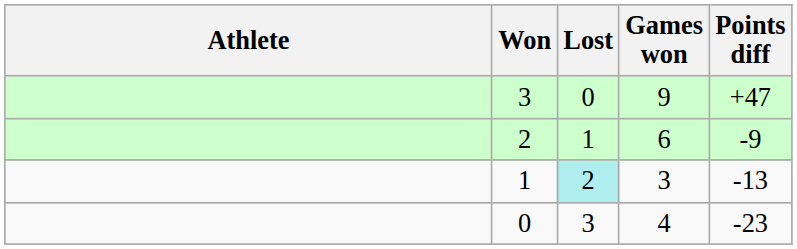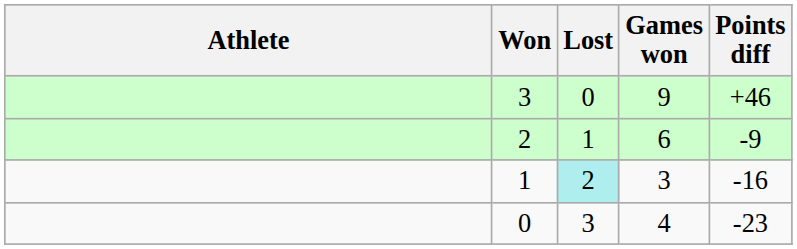 <table class="wikitable">
 <tr>
 <th style="width:18em">Athlete</th>
 <th>Won</th>
 <th>Lost</th>
 <th>Games<br>won</th>
 <th>Points<br>diff</th>
 </tr>
 <tr bgcolor="#ccffcc">
 <td></td>
 <td align="center">3</td>
 <td align="center">0</td>
 <td align="center">9</td>
-<td align="center">+47</td>
+<td align="center">+46</td>
 </tr>
 <tr bgcolor="#ccffcc">
 <td></td>
 <td align="center">2</td>
 <td align="center">1</td>
 <td align="center">6</td>
 <td align="center">-9</td>
 </tr>
 <tr>
 <td></td>
 <td align="center">1</td>
 <td align="center" style="background: paleturquoise;">2</td>
 <td align="center">3</td>
-<td align="center">-13</td>
+<td align="center">-16</td>
 </tr>
 <tr>
 <td></td>
 <td align="center">0</td>
 <td align="center">3</td>
 <td align="center">4</td>
 <td align="center">-23</td>
 </tr>
 </table>
